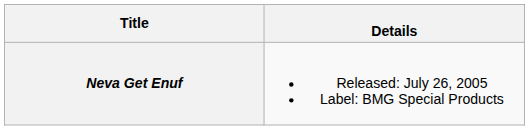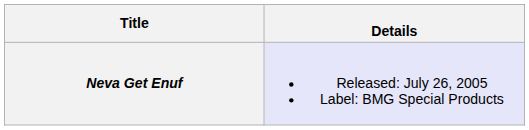 <table class="wikitable plainrowheaders" style="text-align:center;">
 <tr>
 <th scope="col" style="width:18em;">Title</th>
 <th scope="col" style="width:18em;"><br>Details</th>
 </tr>
 <tr>
 <th scope="row"><em>Neva Get Enuf</em></th>
-<td><br><ul><li>Released: July 26, 2005</li><li>Label: BMG Special Products</li></ul></td>
+<td style="background: lavender;"><br><ul><li>Released: July 26, 2005</li><li>Label: BMG Special Products</li></ul></td>
 </tr>
 </table>
